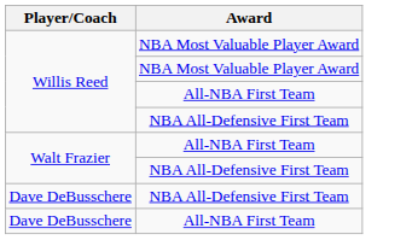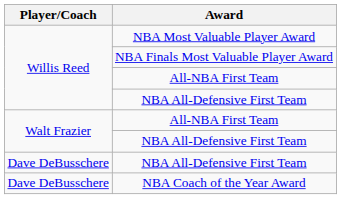 <table class="wikitable sortable sortable" style="text-align: center">
 <tr>
 <th>Player/Coach</th>
 <th>Award</th>
 </tr>
 <tr align="center">
 <td rowspan=4><a href='#'>Willis Reed</a></td>
 <td><a href='#'>NBA Most Valuable Player Award</a></td>
 </tr>
 <tr>
-<td><a href='#'>NBA Most Valuable Player Award</a></td>
+<td><a href='#'>NBA Finals Most Valuable Player Award</a></td>
 </tr>
 <tr>
 <td><a href='#'>All-NBA First Team</a></td>
 </tr>
 <tr>
 <td><a href='#'>NBA All-Defensive First Team</a></td>
 </tr>
 <tr align="center">
 <td rowspan=2><a href='#'>Walt Frazier</a></td>
 <td><a href='#'>All-NBA First Team</a></td>
 </tr>
 <tr>
 <td><a href='#'>NBA All-Defensive First Team</a></td>
 </tr>
 <tr align="center">
 <td><a href='#'>Dave DeBusschere</a></td>
 <td><a href='#'>NBA All-Defensive First Team</a></td>
 </tr>
 <tr align="center">
 <td><a href='#'>Dave DeBusschere</a></td>
-<td><a href='#'>All-NBA First Team</a></td>
+<td><a href='#'>NBA Coach of the Year Award</a></td>
 </tr>
 </table>
